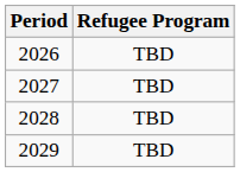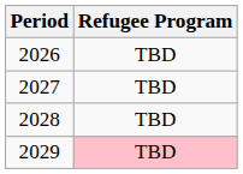 <table class="wikitable" style="text-align:center">
 <tr>
 <th>Period</th>
 <th>Refugee Program</th>
 </tr>
 <tr>
 <td>2026</td>
 <td>TBD</td>
 </tr>
 <tr>
 <td>2027</td>
 <td>TBD</td>
 </tr>
 <tr>
 <td>2028</td>
 <td>TBD</td>
 </tr>
 <tr>
 <td>2029</td>
-<td>TBD</td>
+<td style="background: pink;">TBD</td>
 </tr>
 </table>
